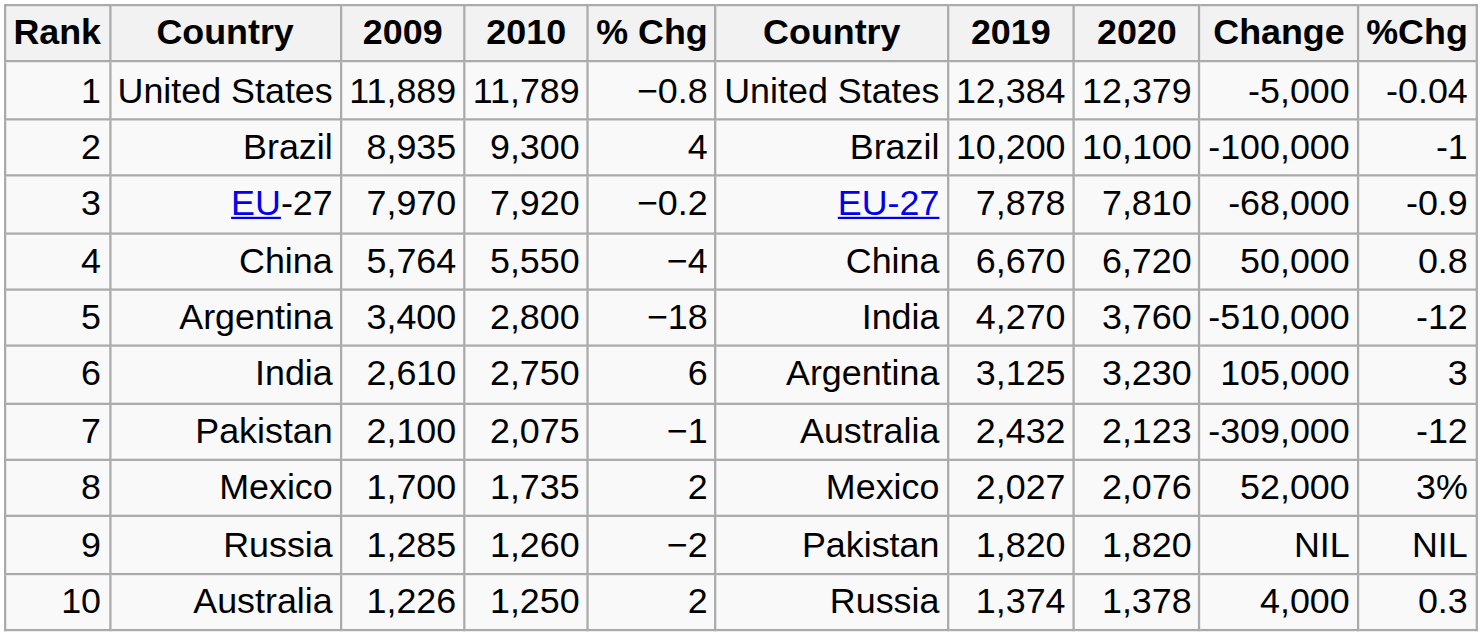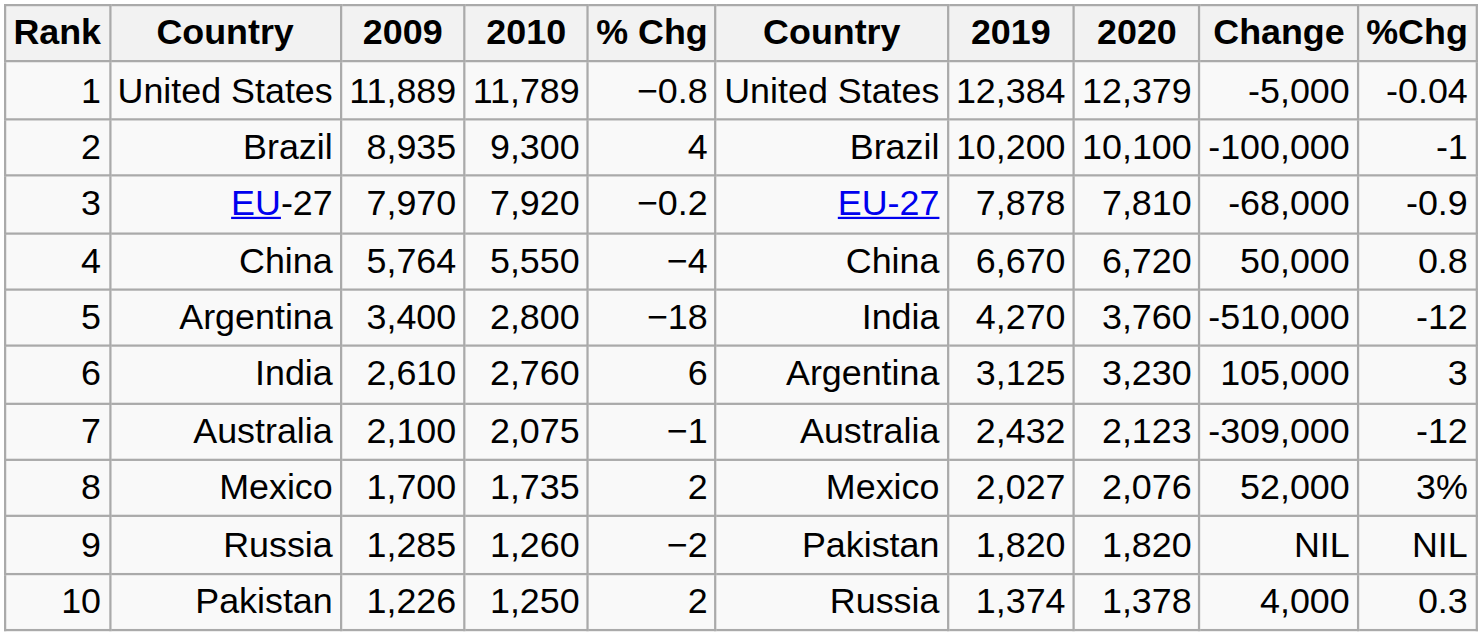 <table class="wikitable" style=text-align:right;>
 <tr>
 <th>Rank</th>
 <th>Country</th>
 <th>2009</th>
 <th>2010</th>
 <th>% Chg</th>
 <th>Country</th>
 <th>2019</th>
 <th>2020</th>
 <th>Change</th>
 <th>%Chg</th>
 </tr>
 <tr>
 <td>1</td>
 <td>United States</td>
 <td>11,889</td>
 <td>11,789</td>
 <td>−0.8</td>
 <td>United States</td>
 <td>12,384</td>
 <td>12,379</td>
 <td>-5,000</td>
 <td>-0.04</td>
 </tr>
 <tr>
 <td>2</td>
 <td>Brazil</td>
 <td>8,935</td>
 <td>9,300</td>
 <td>4</td>
 <td>Brazil</td>
 <td>10,200</td>
 <td>10,100</td>
 <td>-100,000</td>
 <td>-1</td>
 </tr>
 <tr>
 <td>3</td>
 <td><a href='#'>EU</a>-27</td>
 <td>7,970</td>
 <td>7,920</td>
 <td>−0.2</td>
 <td><a href='#'>EU-27</a></td>
 <td>7,878</td>
 <td>7,810</td>
 <td>-68,000</td>
 <td>-0.9</td>
 </tr>
 <tr>
 <td>4</td>
 <td>China</td>
 <td>5,764</td>
 <td>5,550</td>
 <td>−4</td>
 <td>China</td>
 <td>6,670</td>
 <td>6,720</td>
 <td>50,000</td>
 <td>0.8</td>
 </tr>
 <tr>
 <td>5</td>
 <td>Argentina</td>
 <td>3,400</td>
 <td>2,800</td>
 <td>−18</td>
 <td>India</td>
 <td>4,270</td>
 <td>3,760</td>
 <td>-510,000</td>
 <td>-12</td>
 </tr>
 <tr>
 <td>6</td>
 <td>India</td>
 <td>2,610</td>
-<td>2,750</td>
+<td>2,760</td>
 <td>6</td>
 <td>Argentina</td>
 <td>3,125</td>
 <td>3,230</td>
 <td>105,000</td>
 <td>3</td>
 </tr>
 <tr>
 <td>7</td>
-<td>Pakistan</td>
+<td>Australia</td>
 <td>2,100</td>
 <td>2,075</td>
 <td>−1</td>
 <td>Australia</td>
 <td>2,432</td>
 <td>2,123</td>
 <td>-309,000</td>
 <td>-12</td>
 </tr>
 <tr>
 <td>8</td>
 <td>Mexico</td>
 <td>1,700</td>
 <td>1,735</td>
 <td>2</td>
 <td>Mexico</td>
 <td>2,027</td>
 <td>2,076</td>
 <td>52,000</td>
 <td>3%</td>
 </tr>
 <tr>
 <td>9</td>
 <td>Russia</td>
 <td>1,285</td>
 <td>1,260</td>
 <td>−2</td>
 <td>Pakistan</td>
 <td>1,820</td>
 <td>1,820</td>
 <td>NIL</td>
 <td>NIL</td>
 </tr>
 <tr>
 <td>10</td>
-<td>Australia</td>
+<td>Pakistan</td>
 <td>1,226</td>
 <td>1,250</td>
 <td>2</td>
 <td>Russia</td>
 <td>1,374</td>
 <td>1,378</td>
 <td>4,000</td>
 <td>0.3</td>
 </tr>
 </table>
